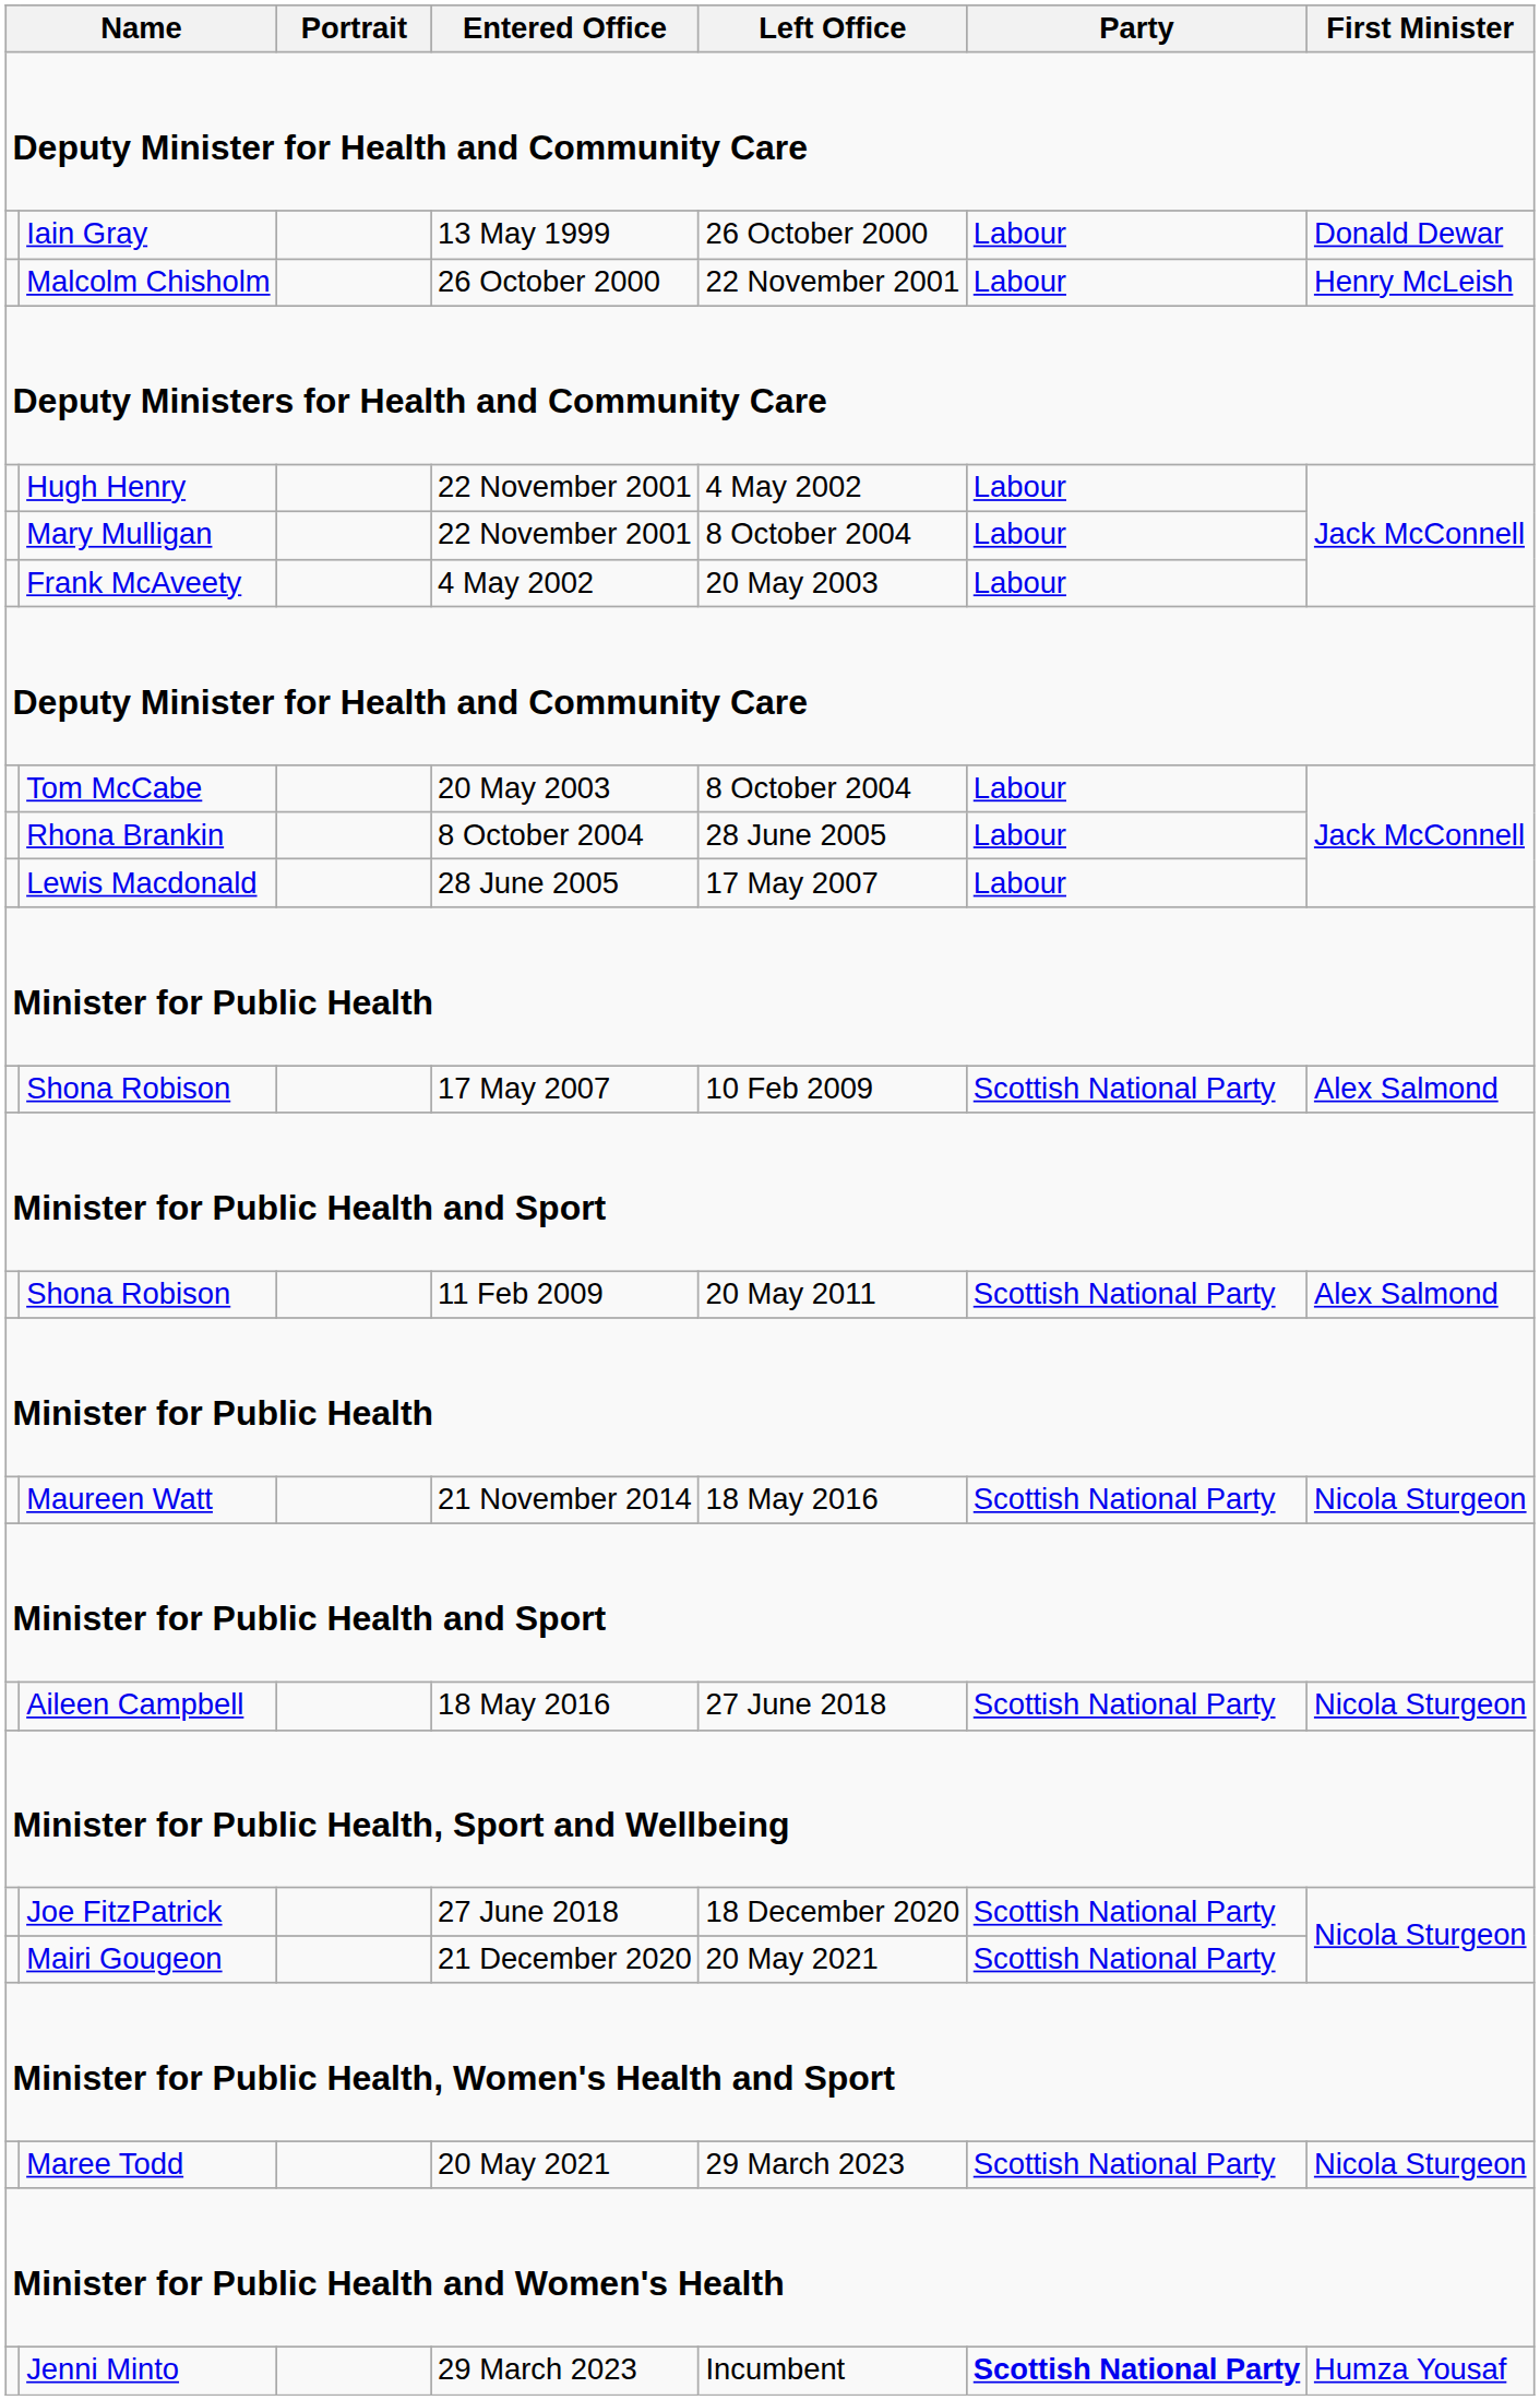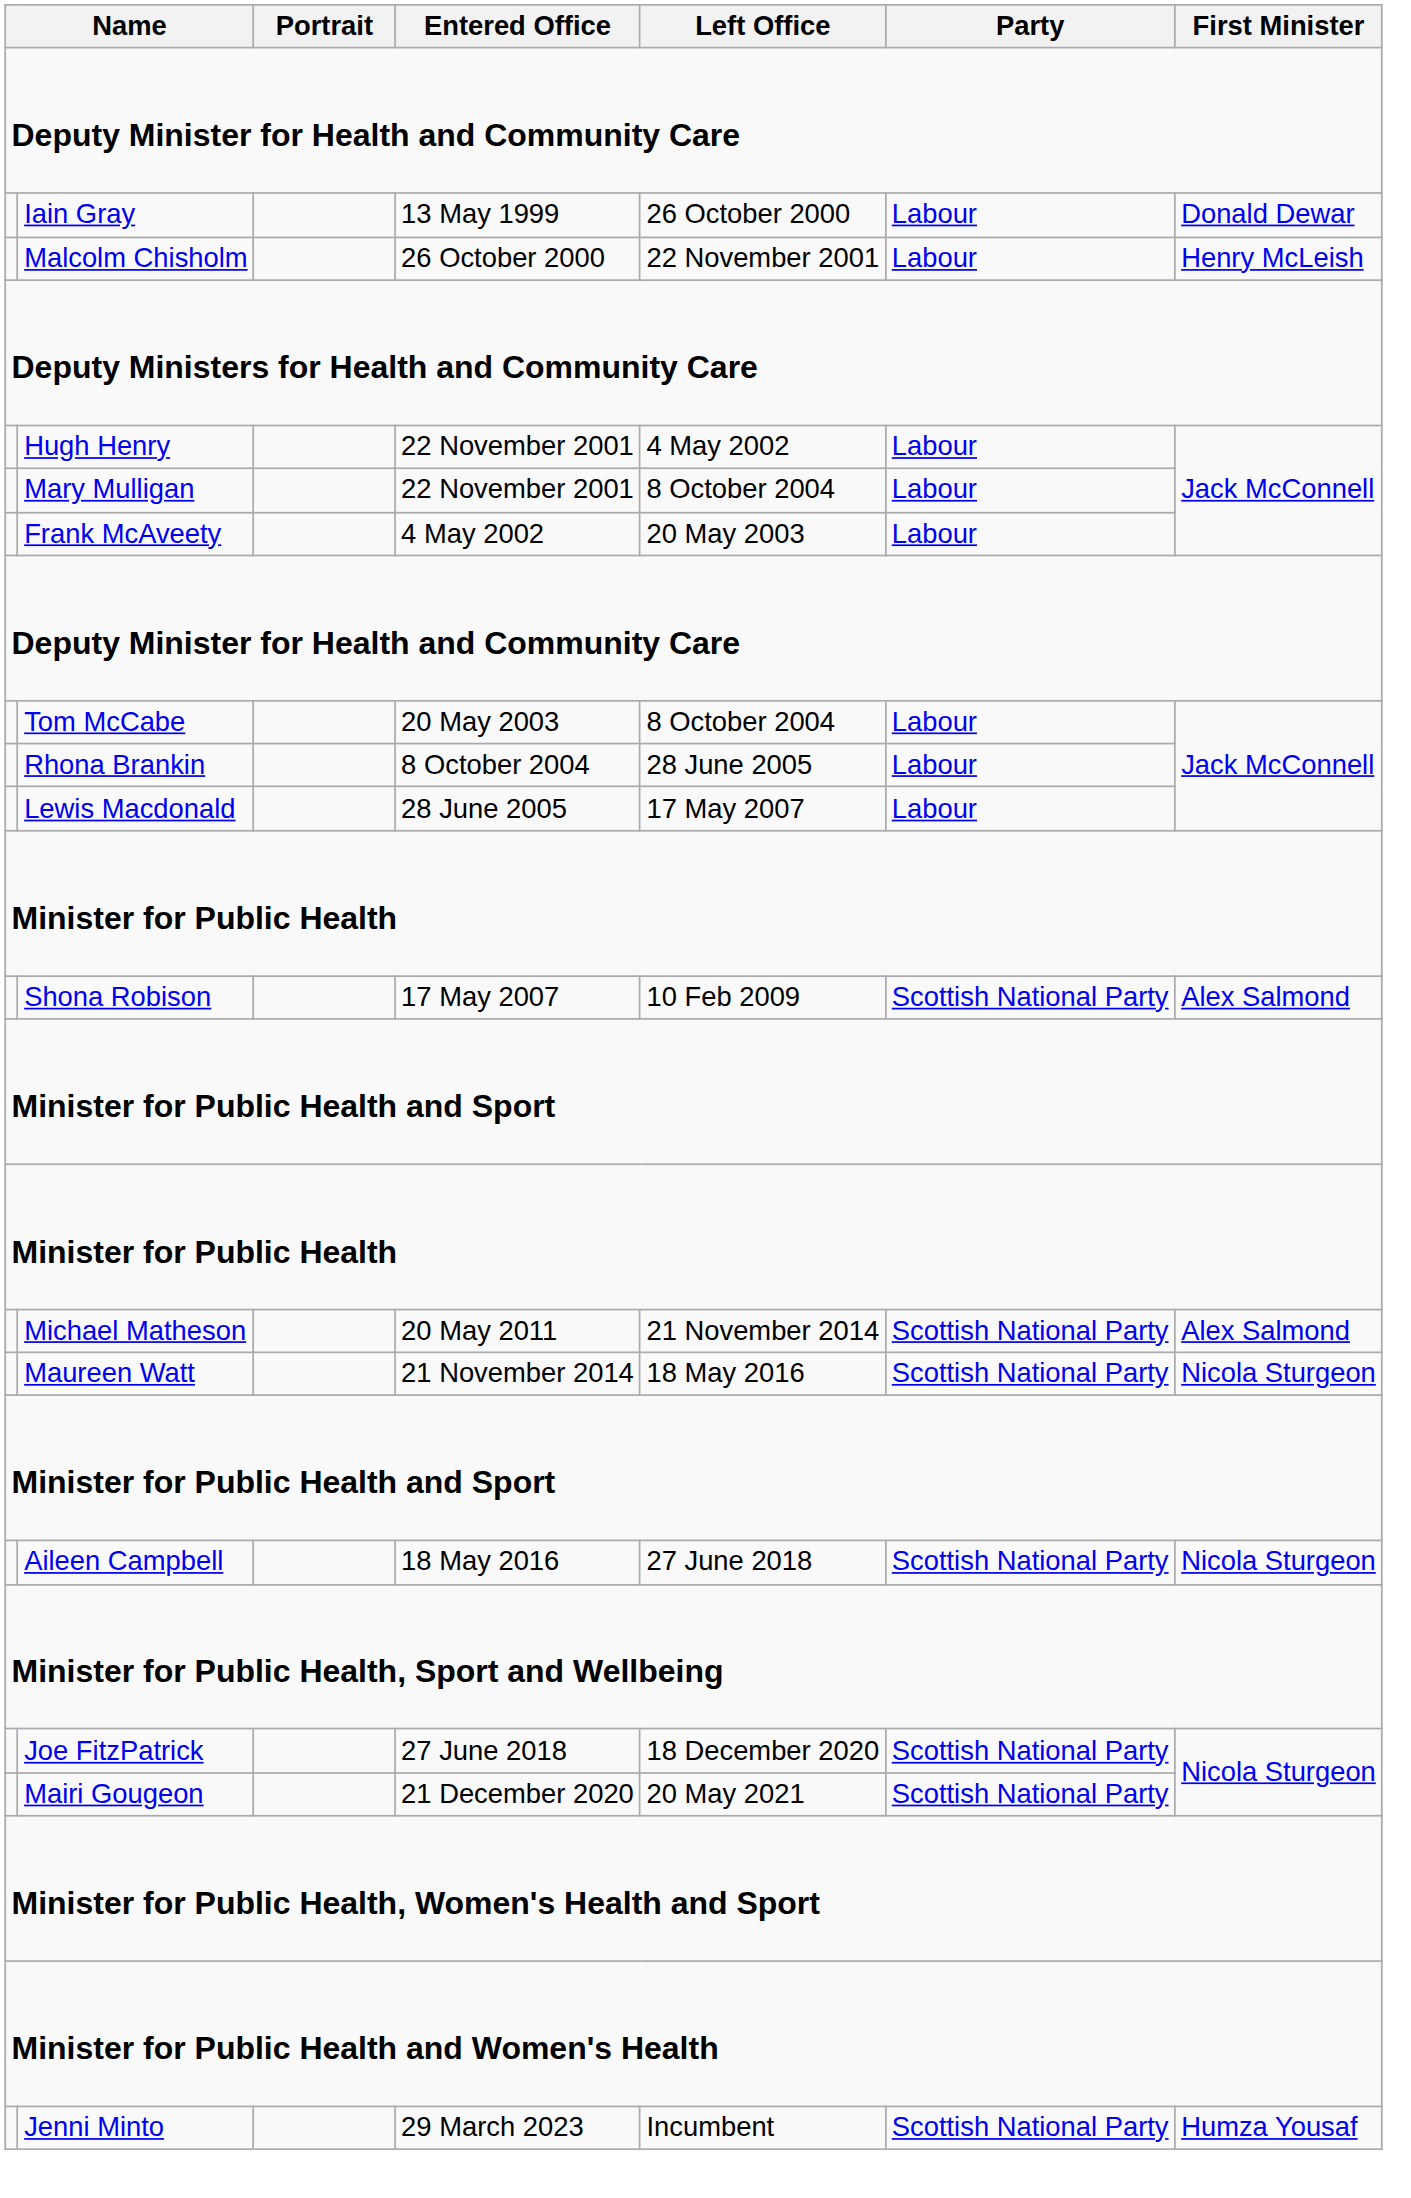 <table class="wikitable" style="margin: 0 0 0 1em; background: #f9f9f9; border: 1px #aaaaaa solid; border-collapse: collapse; ">
 <tr>
 <th colspan="2">Name</th>
 <th width="75">Portrait</th>
 <th>Entered Office</th>
 <th>Left Office</th>
 <th>Party</th>
 <th>First Minister</th>
 </tr>
 <tr>
 <td colspan="7"><br><h3>Deputy Minister for Health and Community Care</h3></td>
 </tr>
 <tr>
 <td></td>
 <td><a href='#'>Iain Gray</a></td>
 <td></td>
 <td>13 May 1999</td>
 <td>26 October 2000</td>
 <td><a href='#'>Labour</a></td>
 <td><a href='#'>Donald Dewar</a></td>
 </tr>
 <tr>
 <td></td>
 <td><a href='#'>Malcolm Chisholm</a></td>
 <td></td>
 <td>26 October 2000</td>
 <td>22 November 2001</td>
 <td><a href='#'>Labour</a></td>
 <td><a href='#'>Henry McLeish</a></td>
 </tr>
 <tr>
 <td colspan="7"><br><h3>Deputy Ministers for Health and Community Care</h3></td>
 </tr>
 <tr>
 <td></td>
 <td><a href='#'>Hugh Henry</a></td>
 <td></td>
 <td>22 November 2001</td>
 <td>4 May 2002</td>
 <td><a href='#'>Labour</a></td>
 <td rowspan="3"><a href='#'>Jack McConnell</a></td>
 </tr>
 <tr>
 <td></td>
 <td><a href='#'>Mary Mulligan</a></td>
 <td></td>
 <td>22 November 2001</td>
 <td>8 October 2004</td>
 <td><a href='#'>Labour</a></td>
 </tr>
 <tr>
 <td></td>
 <td><a href='#'>Frank McAveety</a></td>
 <td></td>
 <td>4 May 2002</td>
 <td>20 May 2003</td>
 <td><a href='#'>Labour</a></td>
 </tr>
 <tr>
 <td colspan="7"><br><h3>Deputy Minister for Health and Community Care</h3></td>
 </tr>
 <tr>
 <td></td>
 <td><a href='#'>Tom McCabe</a></td>
 <td></td>
 <td>20 May 2003</td>
 <td>8 October 2004</td>
 <td><a href='#'>Labour</a></td>
 <td rowspan="3"><a href='#'>Jack McConnell</a></td>
 </tr>
 <tr>
 <td></td>
 <td><a href='#'>Rhona Brankin</a></td>
 <td></td>
 <td>8 October 2004</td>
 <td>28 June 2005</td>
 <td><a href='#'>Labour</a></td>
 </tr>
 <tr>
 <td></td>
 <td><a href='#'>Lewis Macdonald</a></td>
 <td></td>
 <td>28 June 2005</td>
 <td>17 May 2007</td>
 <td><a href='#'>Labour</a></td>
 </tr>
 <tr>
 <td colspan="7"><br><h3>Minister for Public Health</h3></td>
 </tr>
 <tr>
 <td></td>
 <td><a href='#'>Shona Robison</a></td>
 <td></td>
 <td>17 May 2007</td>
 <td>10 Feb 2009</td>
 <td><a href='#'>Scottish National Party</a></td>
 <td><a href='#'>Alex Salmond</a></td>
 </tr>
 <tr>
 <td colspan="7"><br><h3>Minister for Public Health and Sport</h3></td>
 </tr>
 <tr>
+<td colspan="7"><br><h3>Minister for Public Health</h3></td>
+</tr>
+<tr>
 <td></td>
-<td><a href='#'>Shona Robison</a></td>
+<td><a href='#'>Michael Matheson</a></td>
 <td></td>
-<td>11 Feb 2009</td>
 <td>20 May 2011</td>
+<td>21 November 2014</td>
 <td><a href='#'>Scottish National Party</a></td>
 <td><a href='#'>Alex Salmond</a></td>
-</tr>
-<tr>
-<td colspan="7"><br><h3>Minister for Public Health</h3></td>
 </tr>
 <tr>
 <td></td>
 <td><a href='#'>Maureen Watt</a></td>
 <td></td>
 <td>21 November 2014</td>
 <td>18 May 2016</td>
 <td><a href='#'>Scottish National Party</a></td>
 <td><a href='#'>Nicola Sturgeon</a></td>
 </tr>
 <tr>
 <td colspan="7"><br><h3>Minister for Public Health and Sport</h3></td>
 </tr>
 <tr>
 <td></td>
 <td><a href='#'>Aileen Campbell</a></td>
 <td></td>
 <td>18 May 2016</td>
 <td>27 June 2018</td>
 <td><a href='#'>Scottish National Party</a></td>
 <td><a href='#'>Nicola Sturgeon</a></td>
 </tr>
 <tr>
 <td colspan="7"><br><h3>Minister for Public Health, Sport and Wellbeing</h3></td>
 </tr>
 <tr>
 <td></td>
 <td><a href='#'>Joe FitzPatrick</a></td>
 <td></td>
 <td>27 June 2018</td>
 <td>18 December 2020</td>
 <td><a href='#'>Scottish National Party</a></td>
 <td rowspan="2"><a href='#'>Nicola Sturgeon</a></td>
 </tr>
 <tr>
 <td></td>
 <td><a href='#'>Mairi Gougeon</a></td>
 <td></td>
 <td>21 December 2020</td>
 <td>20 May 2021</td>
 <td><a href='#'>Scottish National Party</a></td>
 </tr>
 <tr>
 <td colspan="7"><br><h3>Minister for Public Health, Women's Health and Sport</h3></td>
 </tr>
 <tr>
-<td></td>
-<td><a href='#'>Maree Todd</a></td>
-<td></td>
-<td>20 May 2021</td>
-<td>29 March 2023</td>
-<td><a href='#'>Scottish National Party</a></td>
-<td><a href='#'>Nicola Sturgeon</a></td>
-</tr>
-<tr>
 <td colspan="7"><br><h3>Minister for Public Health and Women's Health</h3></td>
 </tr>
 <tr>
 <td></td>
 <td><a href='#'>Jenni Minto</a></td>
 <td></td>
 <td>29 March 2023</td>
 <td>Incumbent</td>
-<td><strong><a href='#'>Scottish National Party</a></strong></td>
+<td><a href='#'>Scottish National Party</a></td>
 <td><a href='#'>Humza Yousaf</a></td>
 </tr>
 </table>
